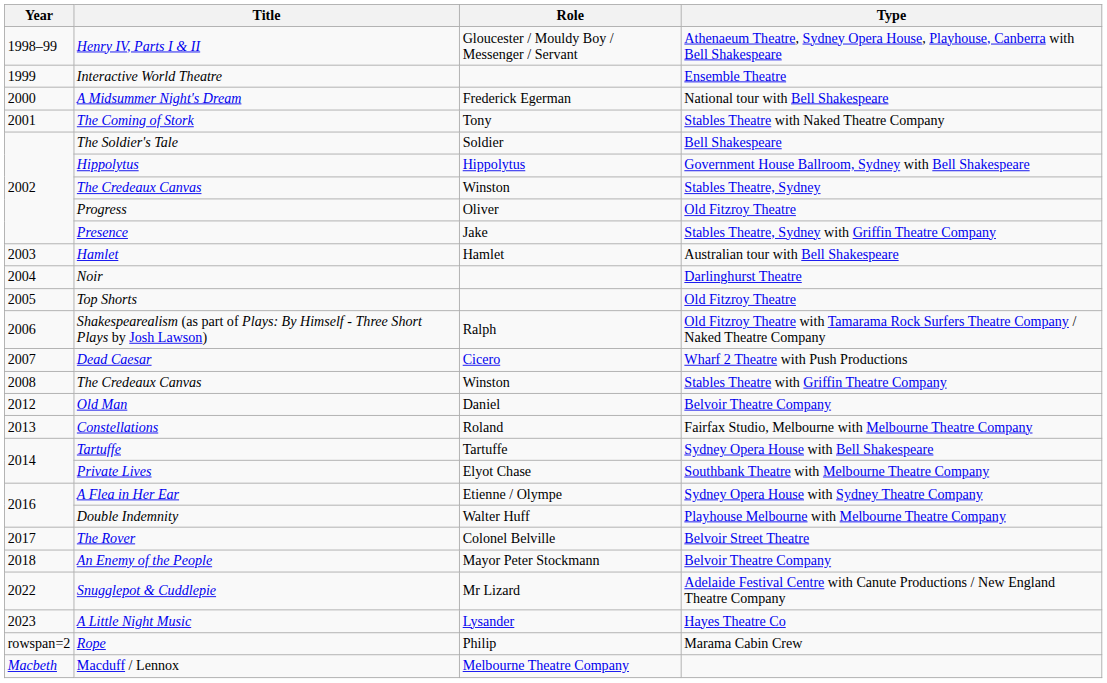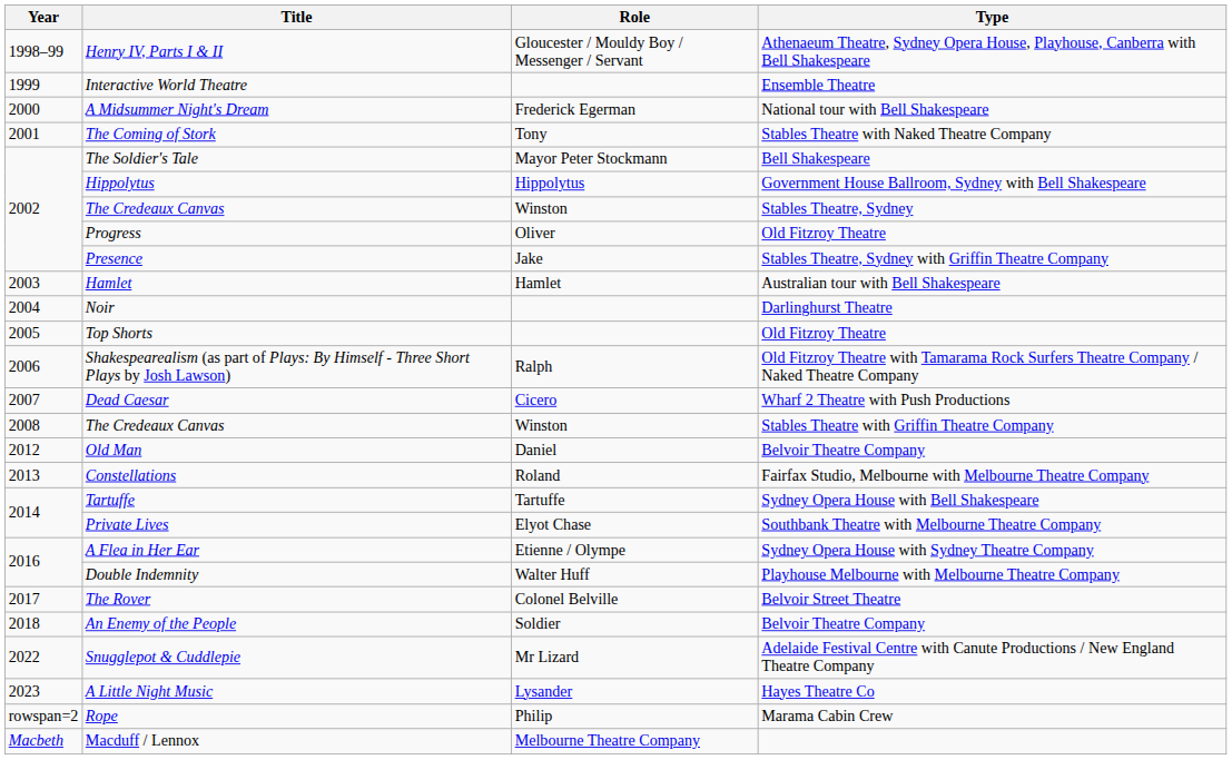 <table class="wikitable">
 <tr>
 <th width=60>Year</th>
 <th>Title</th>
 <th>Role</th>
 <th>Type</th>
 </tr>
 <tr>
 <td>1998–99</td>
 <td><em><a href='#'>Henry IV, Parts I & II</a></em></td>
 <td>Gloucester / Mouldy Boy / Messenger / Servant</td>
 <td><a href='#'>Athenaeum Theatre</a>, <a href='#'>Sydney Opera House</a>, <a href='#'>Playhouse, Canberra</a> with <a href='#'>Bell Shakespeare</a></td>
 </tr>
 <tr>
 <td>1999</td>
 <td><em>Interactive World Theatre</em></td>
 <td></td>
 <td><a href='#'>Ensemble Theatre</a></td>
 </tr>
 <tr>
 <td>2000</td>
 <td><em><a href='#'>A Midsummer Night's Dream</a></em></td>
 <td>Frederick Egerman</td>
 <td>National tour with <a href='#'>Bell Shakespeare</a></td>
 </tr>
 <tr>
 <td>2001</td>
 <td><em><a href='#'>The Coming of Stork</a></em></td>
 <td>Tony</td>
 <td><a href='#'>Stables Theatre</a> with Naked Theatre Company</td>
 </tr>
 <tr>
 <td rowspan=5>2002</td>
 <td><em>The Soldier's Tale</em></td>
-<td>Soldier</td>
+<td>Mayor Peter Stockmann</td>
 <td><a href='#'>Bell Shakespeare</a></td>
 </tr>
 <tr>
 <td><em><a href='#'>Hippolytus</a></em></td>
 <td><a href='#'>Hippolytus</a></td>
 <td><a href='#'>Government House Ballroom, Sydney</a> with <a href='#'>Bell Shakespeare</a></td>
 </tr>
 <tr>
 <td><em><a href='#'>The Credeaux Canvas</a></em></td>
 <td>Winston</td>
 <td><a href='#'>Stables Theatre, Sydney</a></td>
 </tr>
 <tr>
 <td><em>Progress</em></td>
 <td>Oliver</td>
 <td><a href='#'>Old Fitzroy Theatre</a></td>
 </tr>
 <tr>
 <td><em><a href='#'>Presence</a></em></td>
 <td>Jake</td>
 <td><a href='#'>Stables Theatre, Sydney</a> with <a href='#'>Griffin Theatre Company</a></td>
 </tr>
 <tr>
 <td>2003</td>
 <td><em><a href='#'>Hamlet</a></em></td>
 <td>Hamlet</td>
 <td>Australian tour with <a href='#'>Bell Shakespeare</a></td>
 </tr>
 <tr>
 <td>2004</td>
 <td><em>Noir</em></td>
 <td></td>
 <td><a href='#'>Darlinghurst Theatre</a></td>
 </tr>
 <tr>
 <td>2005</td>
 <td><em>Top Shorts</em></td>
 <td></td>
 <td><a href='#'>Old Fitzroy Theatre</a></td>
 </tr>
 <tr>
 <td>2006</td>
 <td><em>Shakespearealism</em> (as part of <em>Plays: By Himself - Three Short Plays</em> by <a href='#'>Josh Lawson</a>)</td>
 <td>Ralph</td>
 <td><a href='#'>Old Fitzroy Theatre</a> with <a href='#'>Tamarama Rock Surfers Theatre Company</a> / Naked Theatre Company</td>
 </tr>
 <tr>
 <td>2007</td>
 <td><em><a href='#'>Dead Caesar</a></em></td>
 <td><a href='#'>Cicero</a></td>
 <td><a href='#'>Wharf 2 Theatre</a> with Push Productions</td>
 </tr>
 <tr>
 <td>2008</td>
 <td><em>The Credeaux Canvas</em></td>
 <td>Winston</td>
 <td><a href='#'>Stables Theatre</a> with <a href='#'>Griffin Theatre Company</a></td>
 </tr>
 <tr>
 <td>2012</td>
 <td><em><a href='#'>Old Man</a></em></td>
 <td>Daniel</td>
 <td><a href='#'>Belvoir Theatre Company</a></td>
 </tr>
 <tr>
 <td>2013</td>
 <td><em><a href='#'>Constellations</a></em></td>
 <td>Roland</td>
 <td>Fairfax Studio, Melbourne with <a href='#'>Melbourne Theatre Company</a></td>
 </tr>
 <tr>
 <td rowspan=2>2014</td>
 <td><em><a href='#'>Tartuffe</a></em></td>
 <td>Tartuffe</td>
 <td><a href='#'>Sydney Opera House</a> with <a href='#'>Bell Shakespeare</a></td>
 </tr>
 <tr>
 <td><em><a href='#'>Private Lives</a></em></td>
 <td>Elyot Chase</td>
 <td><a href='#'>Southbank Theatre</a> with <a href='#'>Melbourne Theatre Company</a></td>
 </tr>
 <tr>
 <td rowspan=2>2016</td>
 <td><em><a href='#'>A Flea in Her Ear</a></em></td>
 <td>Etienne / Olympe</td>
 <td><a href='#'>Sydney Opera House</a> with <a href='#'>Sydney Theatre Company</a></td>
 </tr>
 <tr>
 <td><em>Double Indemnity</em></td>
 <td>Walter Huff</td>
 <td><a href='#'>Playhouse Melbourne</a> with <a href='#'>Melbourne Theatre Company</a></td>
 </tr>
 <tr>
 <td>2017</td>
 <td><em><a href='#'>The Rover</a></em></td>
 <td>Colonel Belville</td>
 <td><a href='#'>Belvoir Street Theatre</a></td>
 </tr>
 <tr>
 <td>2018</td>
 <td><em><a href='#'>An Enemy of the People</a></em></td>
-<td>Mayor Peter Stockmann</td>
+<td>Soldier</td>
 <td><a href='#'>Belvoir Theatre Company</a></td>
 </tr>
 <tr>
 <td>2022</td>
 <td><em><a href='#'>Snugglepot & Cuddlepie</a></em></td>
 <td>Mr Lizard</td>
 <td><a href='#'>Adelaide Festival Centre</a> with Canute Productions / New England Theatre Company</td>
 </tr>
 <tr>
 <td>2023</td>
 <td><em><a href='#'>A Little Night Music</a></em></td>
 <td><a href='#'>Lysander</a></td>
 <td><a href='#'>Hayes Theatre Co</a></td>
 </tr>
 <tr>
 <td>rowspan=2 </td>
 <td><em><a href='#'>Rope</a></em></td>
 <td>Philip</td>
 <td>Marama Cabin Crew</td>
 </tr>
 <tr>
 <td><em><a href='#'>Macbeth</a></em></td>
 <td><a href='#'>Macduff</a> / Lennox</td>
 <td><a href='#'>Melbourne Theatre Company</a></td>
 </tr>
 </table>
